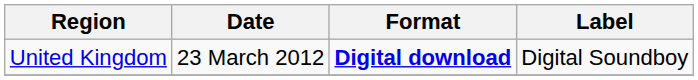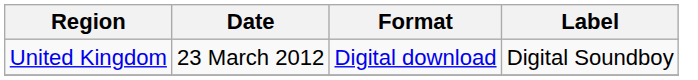 <table class=wikitable>
 <tr>
 <th>Region</th>
 <th>Date</th>
 <th>Format</th>
 <th>Label</th>
 </tr>
 <tr>
 <td><a href='#'>United Kingdom</a></td>
 <td>23 March 2012</td>
-<td><strong><a href='#'>Digital download</a></strong></td>
+<td><a href='#'>Digital download</a></td>
 <td>Digital Soundboy</td>
 </tr>
 <tr>
 </tr>
 </table>
